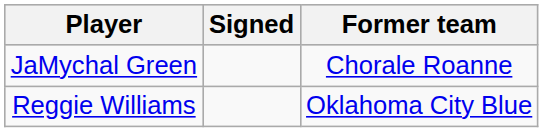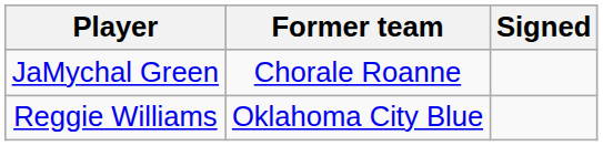 <table class="wikitable sortable sortable" style="text-align: center">
 <tr>
 <th>Player</th>
+<th>Former team</th>
 <th>Signed</th>
-<th>Former team</th>
 </tr>
 <tr style="text-align: center">
 <td><a href='#'>JaMychal Green</a></td>
+<td> <a href='#'>Chorale Roanne</a></td>
 <td></td>
-<td> <a href='#'>Chorale Roanne</a></td>
 </tr>
 <tr style="text-align: center">
 <td><a href='#'>Reggie Williams</a></td>
+<td><a href='#'>Oklahoma City Blue</a></td>
 <td></td>
-<td><a href='#'>Oklahoma City Blue</a></td>
 </tr>
 </table>
